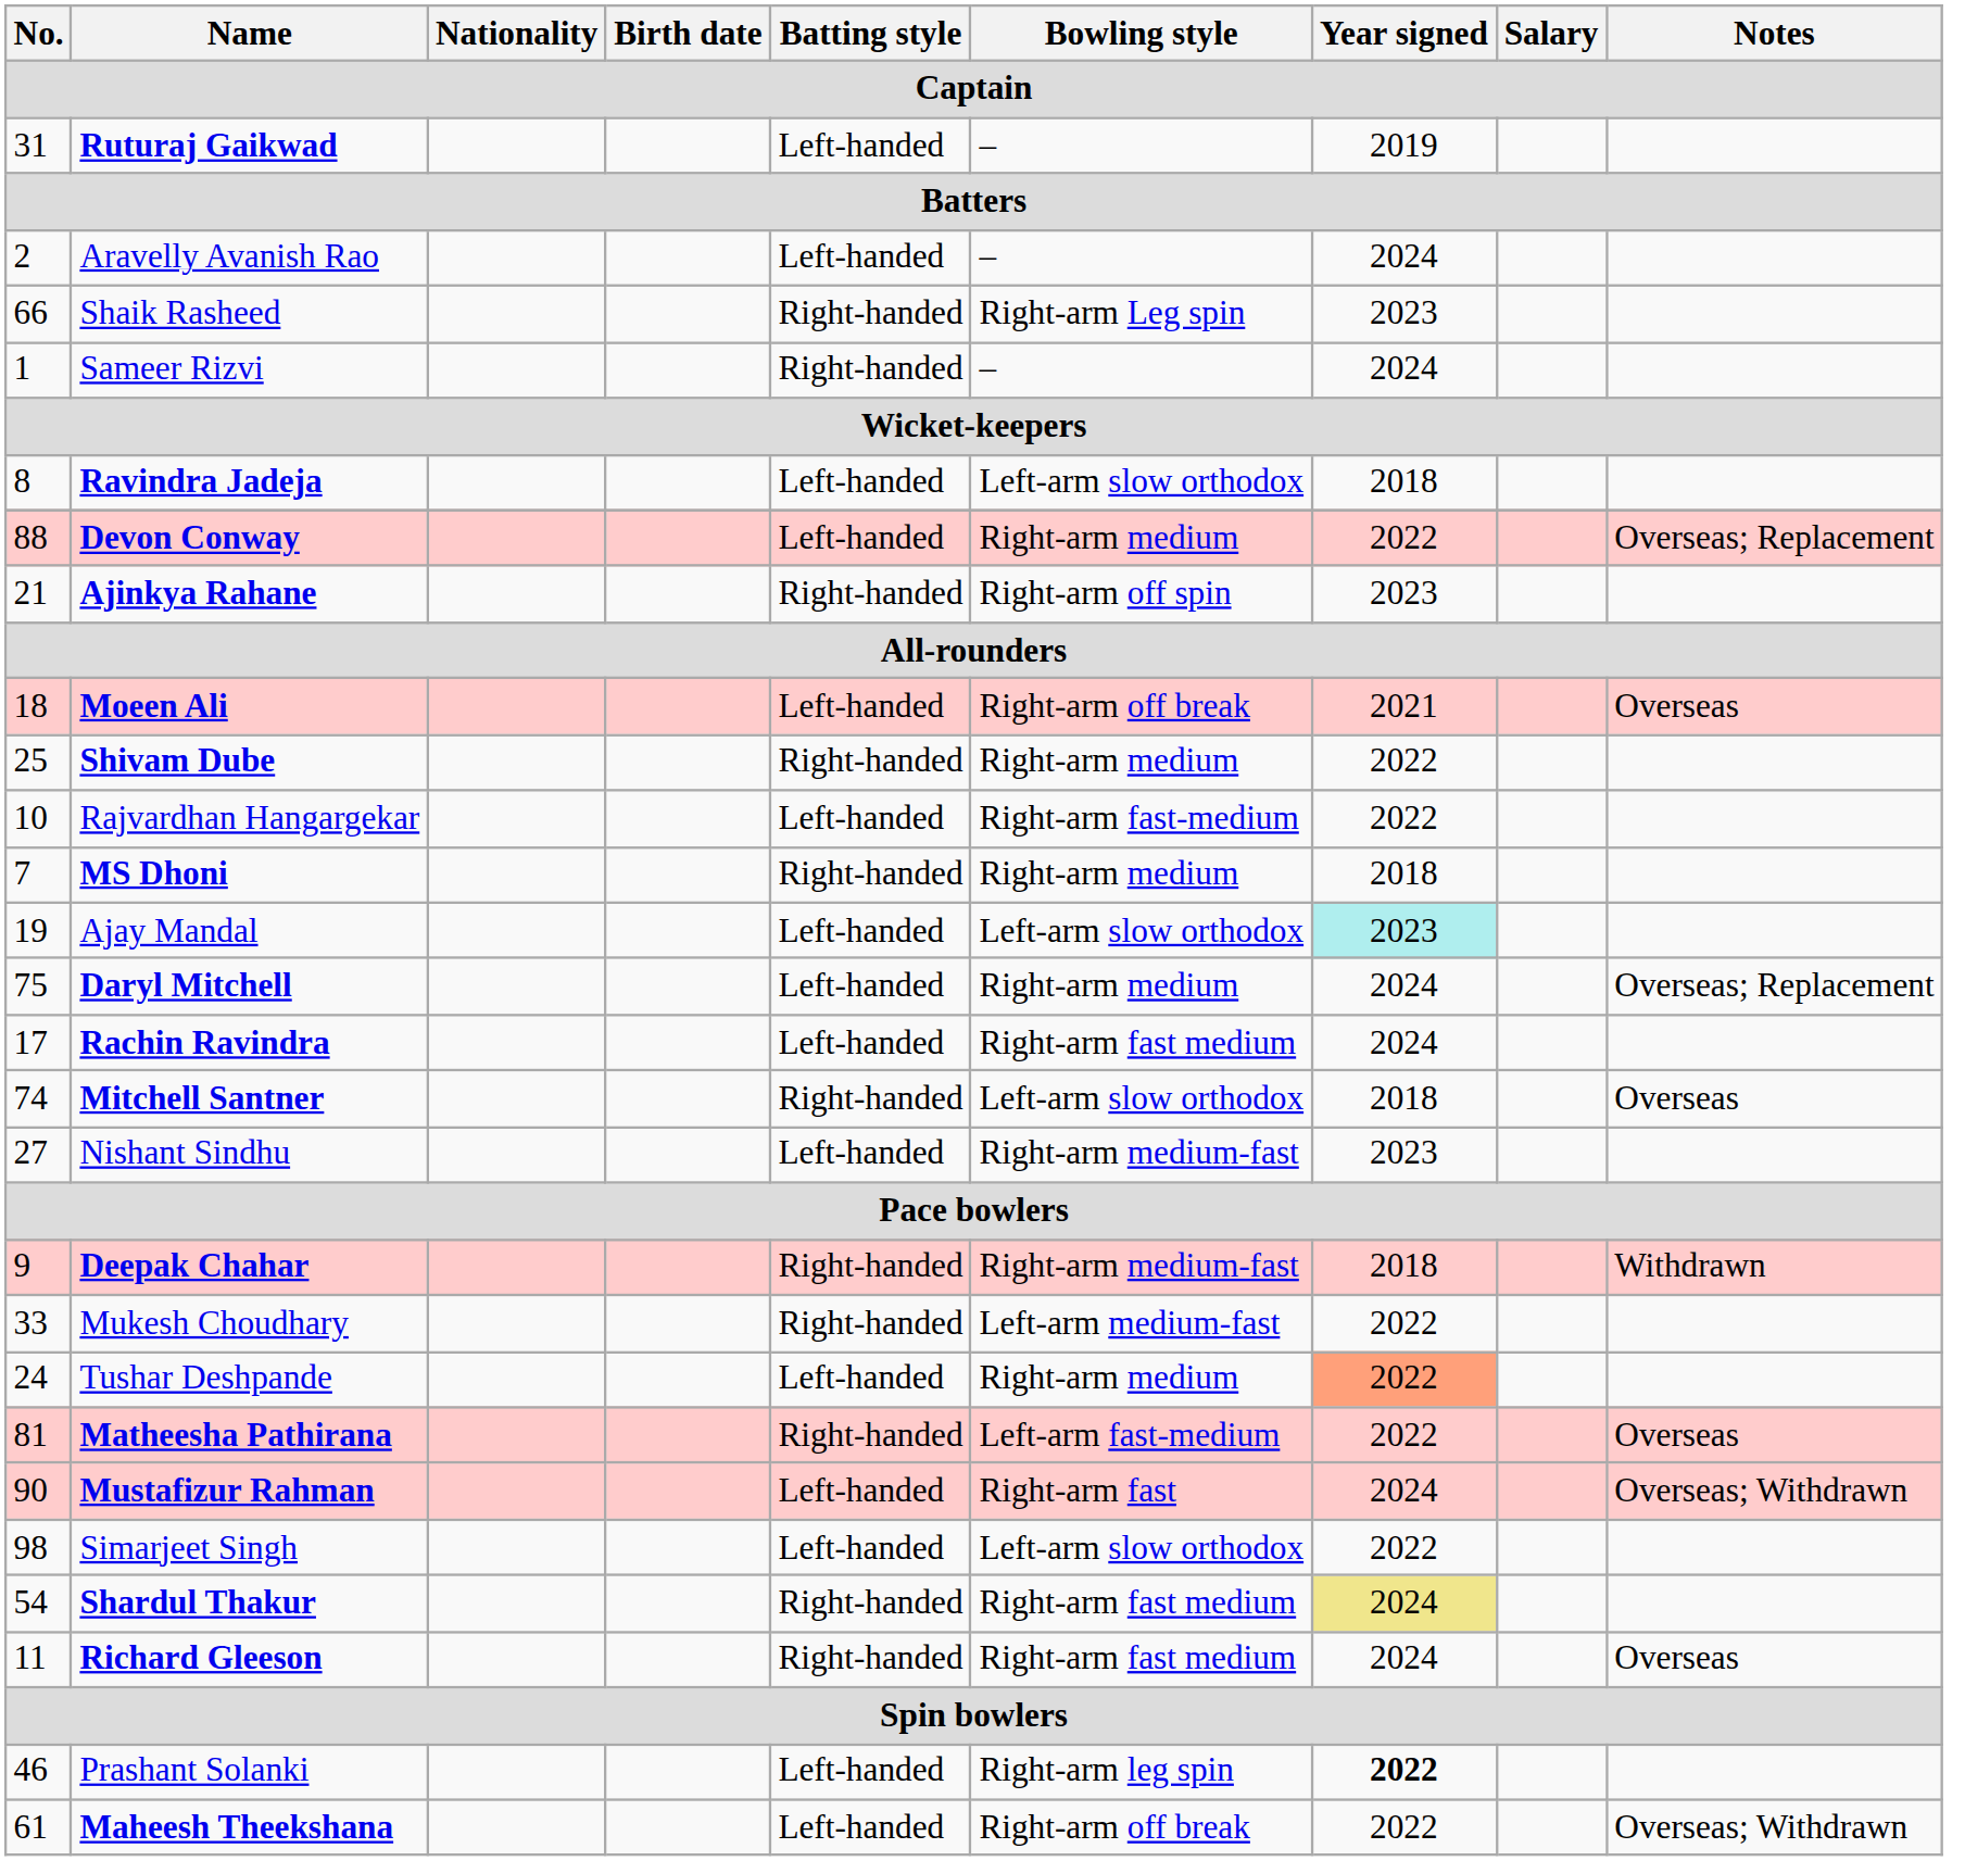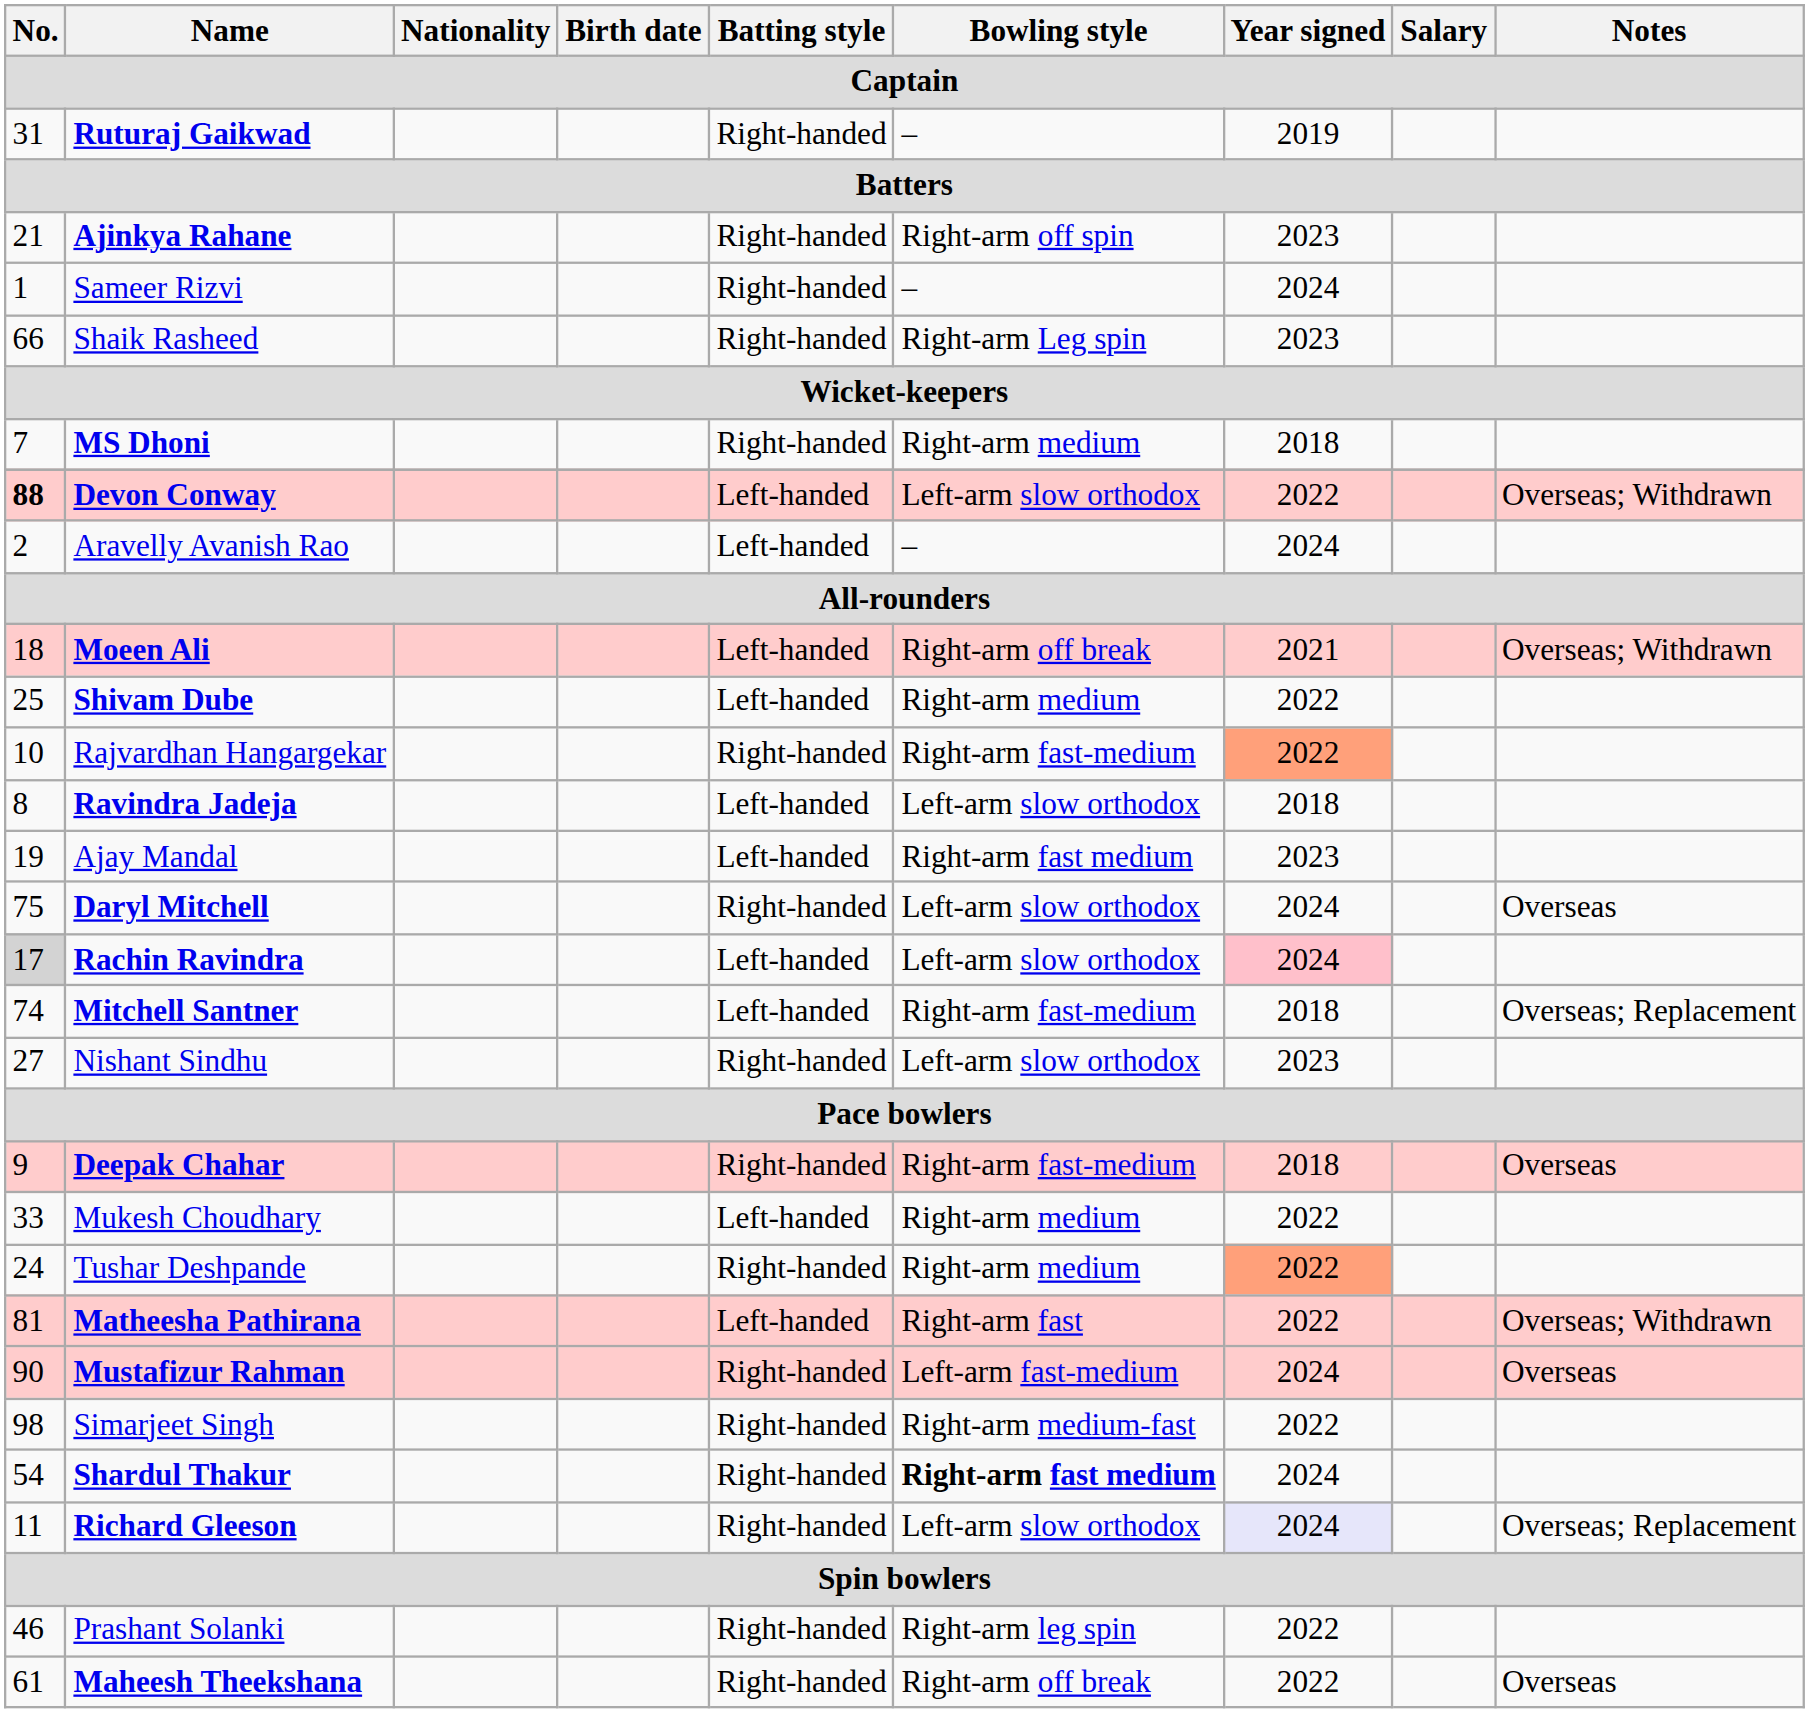 <table class="wikitable" style="font-size:85%">
 <tr>
 <th>No.</th>
 <th>Name</th>
 <th>Nationality</th>
 <th>Birth date</th>
 <th>Batting style</th>
 <th>Bowling style</th>
 <th>Year signed</th>
 <th>Salary</th>
 <th>Notes</th>
 </tr>
 <tr>
 <th colspan="9"  style="background:#dcdcdc; text-align:center;">Captain</th>
 </tr>
 <tr>
 <td>31</td>
 <td><strong><a href='#'>Ruturaj Gaikwad</a></strong></td>
 <td></td>
 <td></td>
-<td>Left-handed</td>
+<td>Right-handed</td>
 <td>–</td>
 <td style="text-align:center;">2019</td>
 <td style="text-align:right;"></td>
 <td></td>
 </tr>
 <tr>
 <th colspan="9"  style="background:#dcdcdc; text-align:center;">Batters</th>
 </tr>
 <tr>
-<td>2</td>
-<td><a href='#'>Aravelly Avanish Rao</a></td>
+<td>21</td>
+<td><strong><a href='#'>Ajinkya Rahane</a></strong></td>
 <td></td>
 <td></td>
-<td>Left-handed</td>
+<td>Right-handed</td>
+<td>Right-arm <a href='#'>off spin</a></td>
+<td style="text-align:center;">2023</td>
+<td style="text-align:right;"></td>
+<td></td>
+</tr>
+<tr>
+<td>1</td>
+<td><a href='#'>Sameer Rizvi</a></td>
+<td></td>
+<td></td>
+<td>Right-handed</td>
 <td>–</td>
 <td style="text-align:center;">2024</td>
 <td style="text-align:right;"></td>
 <td></td>
 </tr>
 <tr>
 <td>66</td>
 <td><a href='#'>Shaik Rasheed</a></td>
 <td></td>
 <td></td>
 <td>Right-handed</td>
 <td>Right-arm <a href='#'>Leg spin</a></td>
 <td style="text-align:center;">2023</td>
 <td style="text-align:right;"></td>
 <td></td>
 </tr>
 <tr>
-<td>1</td>
-<td><a href='#'>Sameer Rizvi</a></td>
+<th colspan="9"  style="background:#dcdcdc; text-align:center;">Wicket-keepers</th>
+</tr>
+<tr>
+<td>7</td>
+<td><strong><a href='#'>MS Dhoni</a></strong></td>
 <td></td>
 <td></td>
 <td>Right-handed</td>
-<td>–</td>
-<td style="text-align:center;">2024</td>
-<td style="text-align:right;"></td>
-<td></td>
-</tr>
-<tr>
-<th colspan="9"  style="background:#dcdcdc; text-align:center;">Wicket-keepers</th>
-</tr>
-<tr>
-<td>8</td>
-<td><strong><a href='#'>Ravindra Jadeja</a></strong></td>
-<td></td>
-<td></td>
-<td>Left-handed</td>
-<td>Left-arm <a href='#'>slow orthodox</a></td>
+<td>Right-arm <a href='#'>medium</a></td>
 <td style="text-align:center;">2018</td>
 <td style="text-align:right;"></td>
 <td></td>
 </tr>
 <tr>
 </tr>
 <tr style="background:#FFCCCC">
-<td>88</td>
+<td><strong>88</strong></td>
 <td><strong><a href='#'>Devon Conway</a></strong></td>
 <td></td>
 <td></td>
 <td>Left-handed</td>
-<td>Right-arm <a href='#'>medium</a></td>
+<td>Left-arm <a href='#'>slow orthodox</a></td>
 <td style="text-align:center;">2022</td>
 <td style="text-align:right;"></td>
-<td>Overseas; Replacement</td>
+<td>Overseas; Withdrawn</td>
 </tr>
 <tr>
-<td>21</td>
-<td><strong><a href='#'>Ajinkya Rahane</a></strong></td>
+<td>2</td>
+<td><a href='#'>Aravelly Avanish Rao</a></td>
 <td></td>
 <td></td>
-<td>Right-handed</td>
-<td>Right-arm <a href='#'>off spin</a></td>
-<td style="text-align:center;">2023</td>
+<td>Left-handed</td>
+<td>–</td>
+<td style="text-align:center;">2024</td>
 <td style="text-align:right;"></td>
 <td></td>
 </tr>
 <tr>
 <th colspan="9"  style="background:#dcdcdc; text-align:center;">All-rounders</th>
 </tr>
 <tr style="background:#FFCCCC">
 <td>18</td>
 <td><strong><a href='#'>Moeen Ali</a></strong></td>
 <td></td>
 <td></td>
 <td>Left-handed</td>
 <td>Right-arm <a href='#'>off break</a></td>
 <td style="text-align:center;">2021</td>
 <td style="text-align:right;"></td>
-<td>Overseas</td>
+<td>Overseas; Withdrawn</td>
 </tr>
 <tr>
 <td>25</td>
 <td><strong><a href='#'>Shivam Dube</a></strong></td>
 <td></td>
 <td></td>
-<td>Right-handed</td>
+<td>Left-handed</td>
 <td>Right-arm <a href='#'>medium</a></td>
 <td style="text-align:center;">2022</td>
 <td style="text-align:right;"></td>
 <td></td>
 </tr>
 <tr>
 <td>10</td>
 <td><a href='#'>Rajvardhan Hangargekar</a></td>
 <td></td>
 <td></td>
-<td>Left-handed</td>
+<td>Right-handed</td>
 <td>Right-arm <a href='#'>fast-medium</a></td>
-<td style="text-align:center;">2022</td>
+<td style="background: lightsalmon; text-align:center;">2022</td>
 <td style="text-align:right;"></td>
 <td></td>
 </tr>
 <tr>
-<td>7</td>
-<td><strong><a href='#'>MS Dhoni</a></strong></td>
+<td>8</td>
+<td><strong><a href='#'>Ravindra Jadeja</a></strong></td>
 <td></td>
 <td></td>
-<td>Right-handed</td>
-<td>Right-arm <a href='#'>medium</a></td>
+<td>Left-handed</td>
+<td>Left-arm <a href='#'>slow orthodox</a></td>
 <td style="text-align:center;">2018</td>
 <td style="text-align:right;"></td>
 <td></td>
 </tr>
 <tr>
 <td>19</td>
 <td><a href='#'>Ajay Mandal</a></td>
 <td></td>
 <td></td>
 <td>Left-handed</td>
-<td>Left-arm <a href='#'>slow orthodox</a></td>
-<td style="background: paleturquoise; text-align:center;">2023</td>
+<td>Right-arm <a href='#'>fast medium</a></td>
+<td style="text-align:center;">2023</td>
 <td style="text-align:right;"></td>
 <td></td>
 </tr>
 <tr>
 <td>75</td>
 <td><strong><a href='#'>Daryl Mitchell</a></strong></td>
 <td></td>
 <td></td>
-<td>Left-handed</td>
-<td>Right-arm <a href='#'>medium</a></td>
+<td>Right-handed</td>
+<td>Left-arm <a href='#'>slow orthodox</a></td>
 <td style="text-align:center;">2024</td>
 <td style="text-align:right;"></td>
-<td>Overseas; Replacement</td>
+<td>Overseas</td>
 </tr>
 <tr>
-<td>17</td>
+<td style="background: lightgrey;">17</td>
 <td><strong><a href='#'>Rachin Ravindra</a></strong></td>
 <td></td>
 <td></td>
 <td>Left-handed</td>
-<td>Right-arm <a href='#'>fast medium</a></td>
-<td style="text-align:center;">2024</td>
+<td>Left-arm <a href='#'>slow orthodox</a></td>
+<td style="background: pink; text-align:center;">2024</td>
 <td style="text-align:right;"></td>
 <td></td>
 </tr>
 <tr>
 <td>74</td>
 <td><strong><a href='#'>Mitchell Santner</a></strong></td>
 <td></td>
 <td></td>
-<td>Right-handed</td>
-<td>Left-arm <a href='#'>slow orthodox</a></td>
+<td>Left-handed</td>
+<td>Right-arm <a href='#'>fast-medium</a></td>
 <td style="text-align:center;">2018</td>
 <td style="text-align:right;"></td>
-<td>Overseas</td>
+<td>Overseas; Replacement</td>
 </tr>
 <tr>
 <td>27</td>
 <td><a href='#'>Nishant Sindhu</a></td>
 <td></td>
 <td></td>
-<td>Left-handed</td>
-<td>Right-arm <a href='#'>medium-fast</a></td>
+<td>Right-handed</td>
+<td>Left-arm <a href='#'>slow orthodox</a></td>
 <td style="text-align:center;">2023</td>
 <td style="text-align:right;"></td>
 <td></td>
 </tr>
 <tr>
 <th colspan="9"  style="background:#dcdcdc; text-align:center;">Pace bowlers</th>
 </tr>
 <tr style="background:#FFCCCC">
 <td>9</td>
 <td><strong><a href='#'>Deepak Chahar</a></strong></td>
 <td></td>
 <td></td>
 <td>Right-handed</td>
-<td>Right-arm <a href='#'>medium-fast</a></td>
+<td>Right-arm <a href='#'>fast-medium</a></td>
 <td style="text-align:center;">2018</td>
 <td style="text-align:right;"></td>
-<td>Withdrawn</td>
+<td>Overseas</td>
 </tr>
 <tr>
 <td>33</td>
 <td><a href='#'>Mukesh Choudhary</a></td>
 <td></td>
 <td></td>
-<td>Right-handed</td>
-<td>Left-arm <a href='#'>medium-fast</a></td>
+<td>Left-handed</td>
+<td>Right-arm <a href='#'>medium</a></td>
 <td style="text-align:center;">2022</td>
 <td style="text-align:right;"></td>
 <td></td>
 </tr>
 <tr>
 <td>24</td>
 <td><a href='#'>Tushar Deshpande</a></td>
 <td></td>
 <td></td>
-<td>Left-handed</td>
+<td>Right-handed</td>
 <td>Right-arm <a href='#'>medium</a></td>
 <td style="background: lightsalmon; text-align:center;">2022</td>
 <td style="text-align:right;"></td>
 <td></td>
 </tr>
 <tr style="background:#FFCCCC">
 <td>81</td>
 <td><strong><a href='#'>Matheesha Pathirana</a></strong></td>
 <td></td>
 <td></td>
-<td>Right-handed</td>
-<td>Left-arm <a href='#'>fast-medium</a></td>
+<td>Left-handed</td>
+<td>Right-arm <a href='#'>fast</a></td>
 <td style="text-align:center;">2022</td>
 <td style="text-align:right;"></td>
-<td>Overseas</td>
+<td>Overseas; Withdrawn</td>
 </tr>
 <tr style="background:#FFCCCC">
 <td>90</td>
 <td><strong><a href='#'>Mustafizur Rahman</a></strong></td>
 <td></td>
 <td></td>
-<td>Left-handed</td>
-<td>Right-arm <a href='#'>fast</a></td>
+<td>Right-handed</td>
+<td>Left-arm <a href='#'>fast-medium</a></td>
 <td style="text-align:center;">2024</td>
 <td style="text-align:right;"></td>
-<td>Overseas; Withdrawn</td>
+<td>Overseas</td>
 </tr>
 <tr>
 <td>98</td>
 <td><a href='#'>Simarjeet Singh</a></td>
 <td></td>
 <td></td>
-<td>Left-handed</td>
-<td>Left-arm <a href='#'>slow orthodox</a></td>
+<td>Right-handed</td>
+<td>Right-arm <a href='#'>medium-fast</a></td>
 <td style="text-align:center;">2022</td>
 <td style="text-align:right;"></td>
 <td></td>
 </tr>
 <tr>
 <td>54</td>
 <td><strong><a href='#'>Shardul Thakur</a></strong></td>
 <td></td>
 <td></td>
 <td>Right-handed</td>
-<td>Right-arm <a href='#'>fast medium</a></td>
-<td style="background: khaki; text-align:center;">2024</td>
+<td><strong>Right-arm <a href='#'>fast medium</a></strong></td>
+<td style="text-align:center;">2024</td>
 <td style="text-align:right;"></td>
 <td></td>
 </tr>
 <tr>
 <td>11</td>
 <td><strong><a href='#'>Richard Gleeson</a></strong></td>
 <td></td>
 <td></td>
 <td>Right-handed</td>
-<td>Right-arm <a href='#'>fast medium</a></td>
-<td style="text-align:center;">2024</td>
+<td>Left-arm <a href='#'>slow orthodox</a></td>
+<td style="background: lavender; text-align:center;">2024</td>
 <td style="text-align:right;"></td>
-<td>Overseas</td>
+<td>Overseas; Replacement</td>
 </tr>
 <tr>
 <th colspan="9"  style="background:#dcdcdc; text-align:center;">Spin bowlers</th>
 </tr>
 <tr>
 <td>46</td>
 <td><a href='#'>Prashant Solanki</a></td>
 <td></td>
 <td></td>
-<td>Left-handed</td>
+<td>Right-handed</td>
 <td>Right-arm <a href='#'>leg spin</a></td>
-<td style="text-align:center;"><strong>2022</strong></td>
+<td style="text-align:center;">2022</td>
 <td style="text-align:right;"></td>
 <td></td>
 </tr>
 <tr>
 <td>61</td>
 <td><strong><a href='#'>Maheesh Theekshana</a></strong></td>
 <td></td>
 <td></td>
-<td>Left-handed</td>
+<td>Right-handed</td>
 <td>Right-arm <a href='#'>off break</a></td>
 <td style="text-align:center;">2022</td>
 <td style="text-align:right;"></td>
-<td>Overseas; Withdrawn</td>
+<td>Overseas</td>
 </tr>
 </table>
